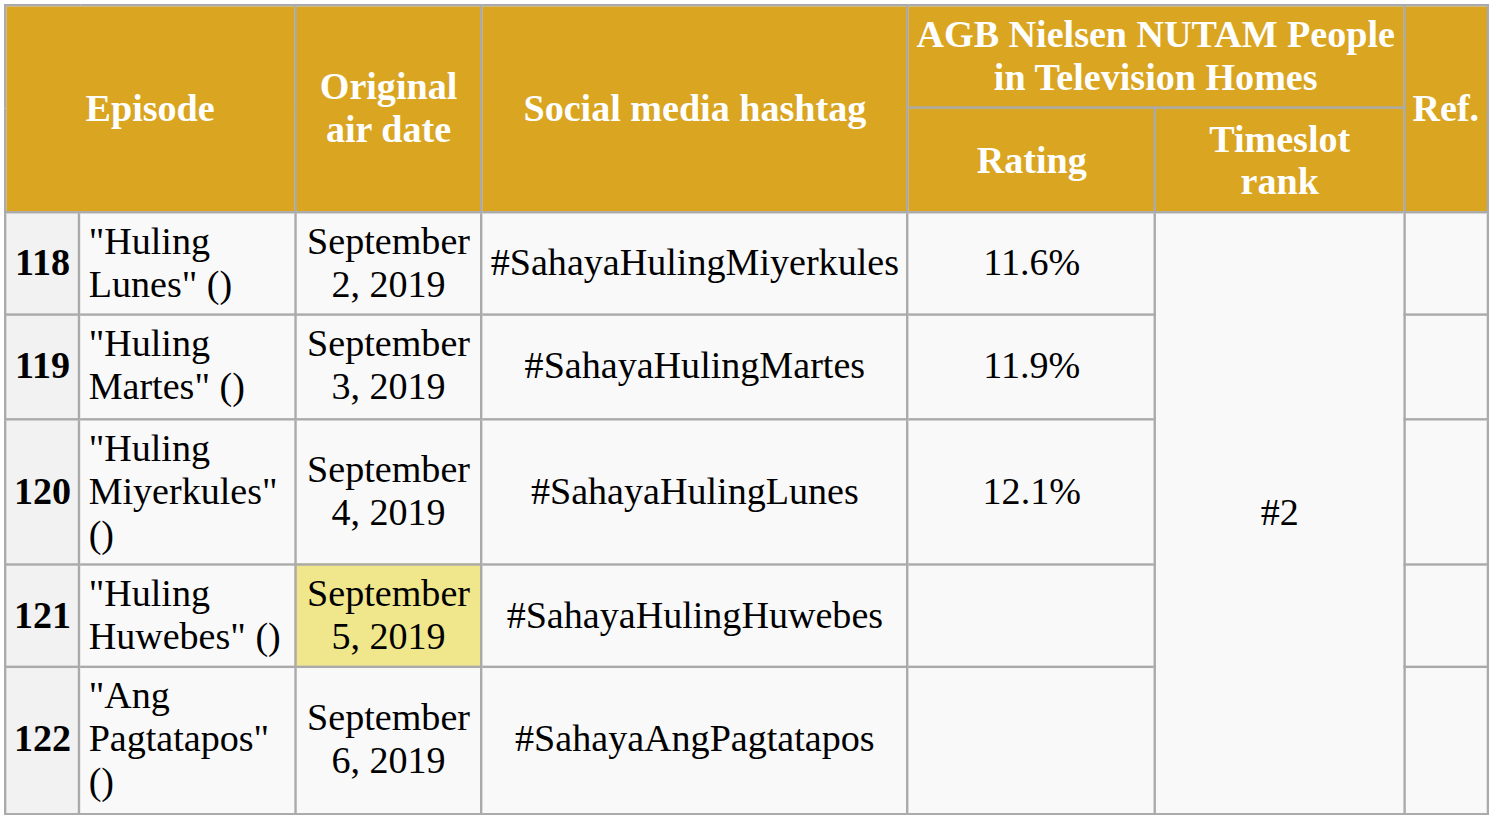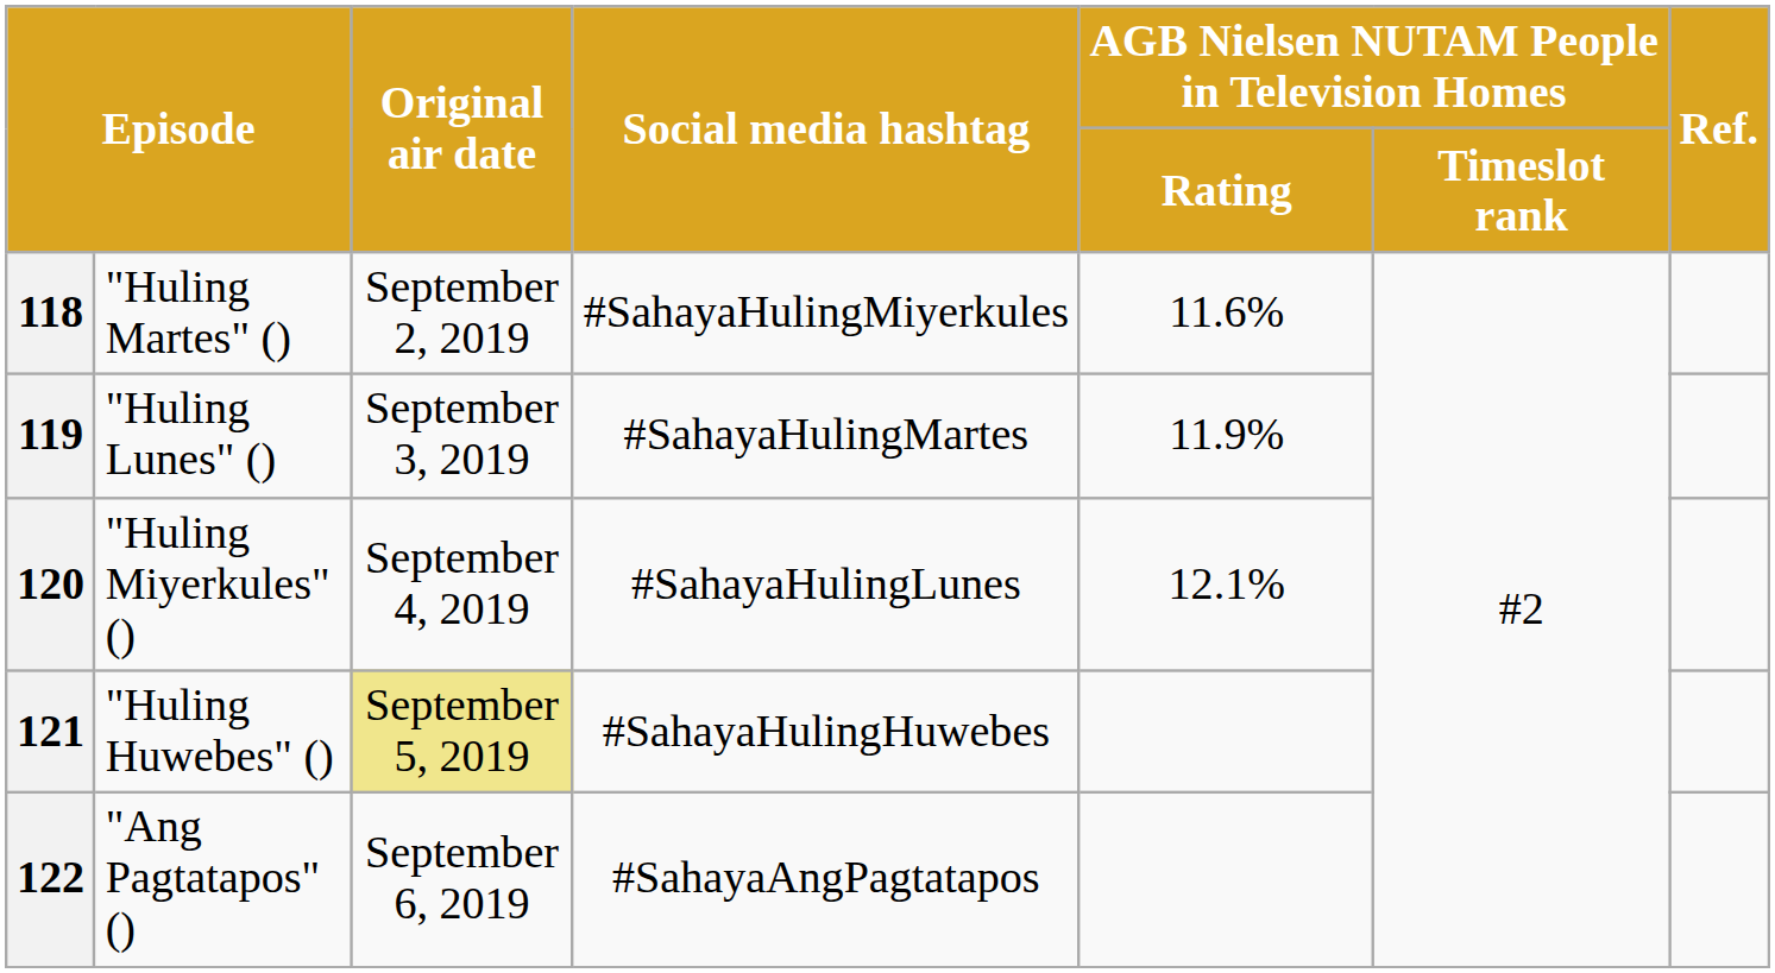 <table class="wikitable" style="text-align:center; font-size:100%; line-height:18px;" width="100%">
 <tr>
 <th style="background-color:#DAA520; color:#ffffff;" colspan="2" rowspan="2">Episode</th>
 <th style="background-color:#DAA520; color:white" rowspan="2">Original air date</th>
 <th style="background-color:#DAA520; color:white" rowspan="2">Social media hashtag</th>
 <th style="background-color:#DAA520; color:#ffffff;" colspan="2">AGB Nielsen NUTAM People in Television Homes</th>
 <th style="background-color:#DAA520; color:#ffffff;" rowspan="2">Ref.</th>
 </tr>
 <tr>
 <th style="background-color:#DAA520; width:75px; color:#ffffff;">Rating</th>
 <th style="background-color:#DAA520; width:75px; color:#ffffff;">Timeslot<br>rank</th>
 </tr>
 <tr>
 <th>118</th>
-<td style="text-align: left;">"Huling Lunes" ()</td>
+<td style="text-align: left;">"Huling Martes" ()</td>
 <td>September 2, 2019</td>
 <td>#SahayaHulingMiyerkules</td>
 <td>11.6%</td>
 <td rowspan="5">#2</td>
 <td></td>
 </tr>
 <tr>
 <th>119</th>
-<td style="text-align: left;">"Huling Martes" ()</td>
+<td style="text-align: left;">"Huling Lunes" ()</td>
 <td>September 3, 2019</td>
 <td>#SahayaHulingMartes</td>
 <td>11.9%</td>
 <td></td>
 </tr>
 <tr>
 <th>120</th>
 <td style="text-align: left;">"Huling Miyerkules" ()</td>
 <td>September 4, 2019</td>
 <td>#SahayaHulingLunes</td>
 <td>12.1%</td>
 <td></td>
 </tr>
 <tr>
 <th>121</th>
 <td style="text-align: left;">"Huling Huwebes" ()</td>
 <td style="background: khaki;">September 5, 2019</td>
 <td>#SahayaHulingHuwebes</td>
 <td></td>
 <td></td>
 </tr>
 <tr>
 <th>122</th>
 <td style="text-align: left;">"Ang Pagtatapos" ()</td>
 <td>September 6, 2019</td>
 <td>#SahayaAngPagtatapos</td>
 <td></td>
 <td></td>
 </tr>
 <tr>
 </tr>
 </table>
